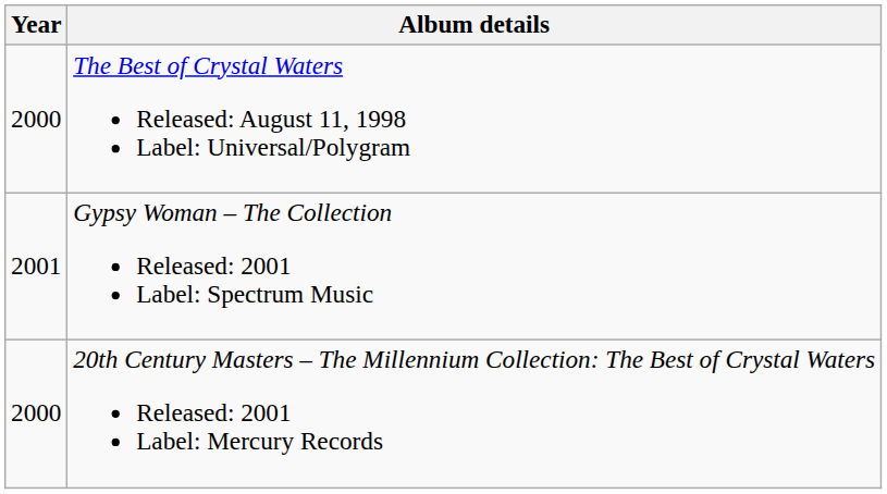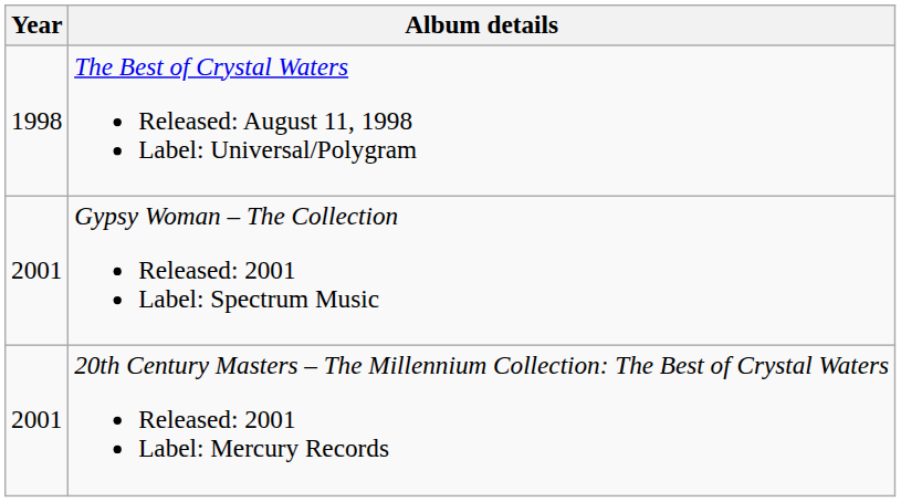 <table class="wikitable" style="text-align:center;">
 <tr>
 <th scope="col">Year</th>
 <th scope="col">Album details</th>
 </tr>
 <tr>
-<td>2000</td>
+<td>1998</td>
 <td align="left"><em><a href='#'>The Best of Crystal Waters</a></em><br><ul><li>Released: August 11, 1998</li><li>Label: Universal/Polygram</li></ul></td>
 </tr>
 <tr>
 <td>2001</td>
 <td align="left"><em>Gypsy Woman – The Collection</em><br><ul><li>Released: 2001</li><li>Label: Spectrum Music</li></ul></td>
 </tr>
 <tr>
-<td>2000</td>
+<td>2001</td>
 <td align="left"><em>20th Century Masters – The Millennium Collection: The Best of Crystal Waters</em><br><ul><li>Released: 2001</li><li>Label: Mercury Records</li></ul></td>
 </tr>
 </table>
